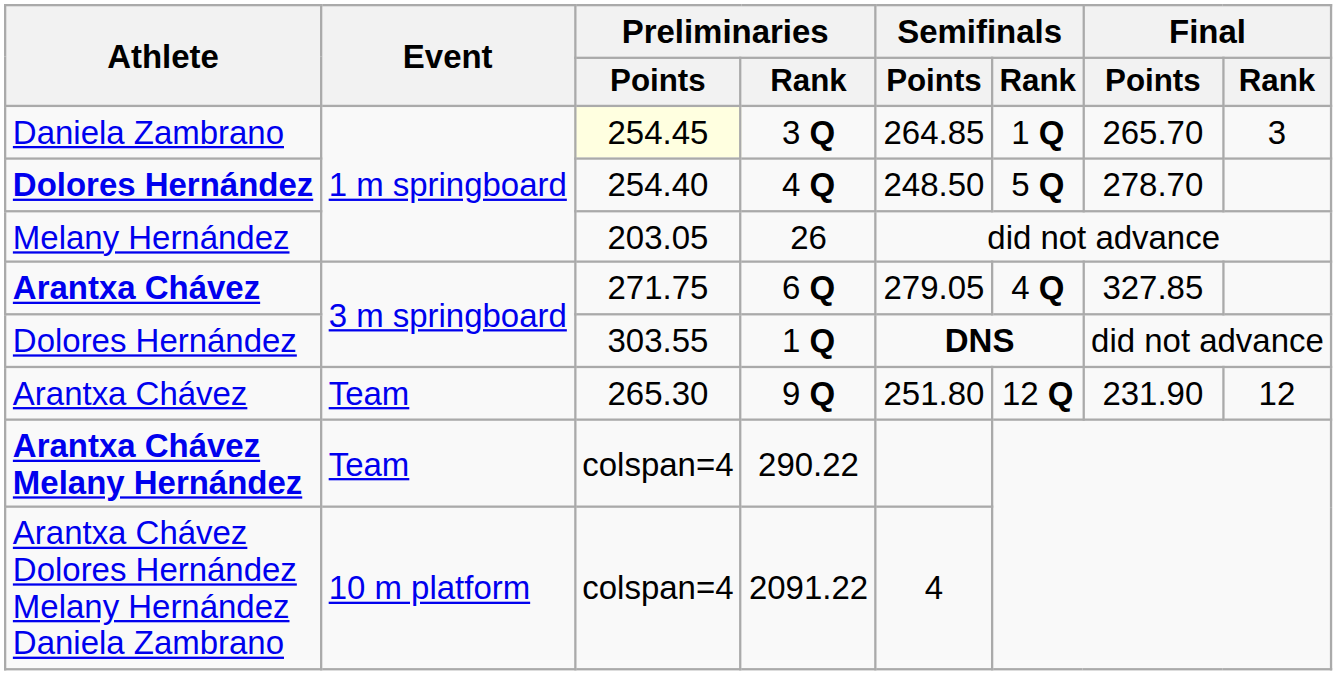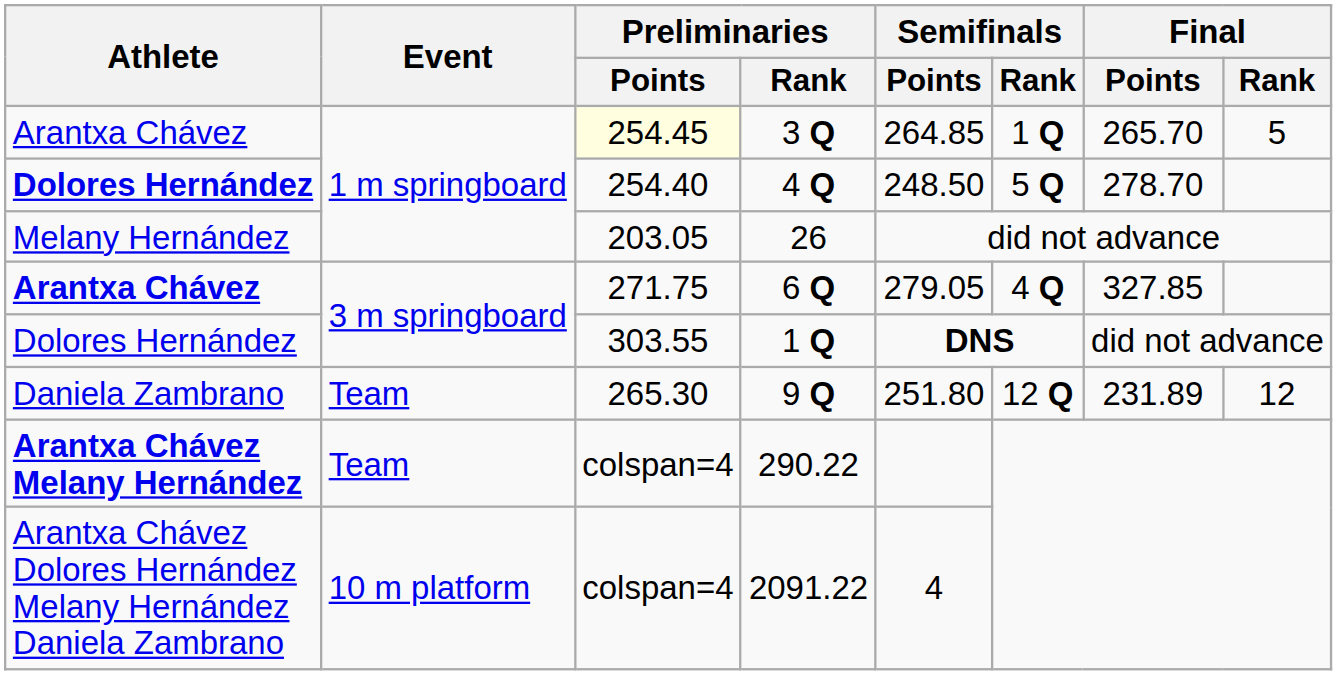 <table class=wikitable style="font-size:90%;">
 <tr>
 <th rowspan="2">Athlete</th>
 <th rowspan="2">Event</th>
 <th colspan="2">Preliminaries</th>
 <th colspan="2">Semifinals</th>
 <th colspan="2">Final</th>
 </tr>
 <tr style="font-size:95%">
 <th>Points</th>
 <th>Rank</th>
 <th>Points</th>
 <th>Rank</th>
 <th>Points</th>
 <th>Rank</th>
 </tr>
 <tr align=center>
-<td align=left><a href='#'>Daniela Zambrano</a></td>
+<td align=left><a href='#'>Arantxa Chávez</a></td>
 <td align=left rowspan=3><a href='#'>1 m springboard</a></td>
 <td style="background: lightyellow;">254.45</td>
 <td>3 <strong>Q</strong></td>
 <td>264.85</td>
 <td>1 <strong>Q</strong></td>
 <td>265.70</td>
-<td>3</td>
+<td>5</td>
 </tr>
 <tr align=center>
 <td align=left><strong><a href='#'>Dolores Hernández</a></strong></td>
 <td>254.40</td>
 <td>4 <strong>Q</strong></td>
 <td>248.50</td>
 <td>5 <strong>Q</strong></td>
 <td>278.70</td>
 <td></td>
 </tr>
 <tr align=center>
 <td align=left><a href='#'>Melany Hernández</a></td>
 <td>203.05</td>
 <td>26</td>
 <td colspan=4>did not advance</td>
 </tr>
 <tr align=center>
 <td align=left><strong><a href='#'>Arantxa Chávez</a></strong></td>
 <td align=left rowspan=2><a href='#'>3 m springboard</a></td>
 <td>271.75</td>
 <td>6 <strong>Q</strong></td>
 <td>279.05</td>
 <td>4 <strong>Q</strong></td>
 <td>327.85</td>
 <td></td>
 </tr>
 <tr align=center>
 <td align=left><a href='#'>Dolores Hernández</a></td>
 <td>303.55</td>
 <td>1 <strong>Q</strong></td>
 <td colspan=2><strong>DNS</strong></td>
 <td colspan=2>did not advance</td>
 </tr>
 <tr align=center>
-<td align=left><a href='#'>Arantxa Chávez</a></td>
+<td align=left><a href='#'>Daniela Zambrano</a></td>
 <td align=left><a href='#'>Team</a></td>
 <td>265.30</td>
 <td>9 <strong>Q</strong></td>
 <td>251.80</td>
 <td>12 <strong>Q</strong></td>
-<td>231.90</td>
+<td>231.89</td>
 <td>12</td>
 </tr>
 <tr align=center>
 <td align=left><strong><a href='#'>Arantxa Chávez</a><br><a href='#'>Melany Hernández</a></strong></td>
 <td align=left><a href='#'>Team</a></td>
 <td>colspan=4 </td>
 <td>290.22</td>
 <td></td>
 </tr>
 <tr align=center>
 <td align=left><a href='#'>Arantxa Chávez</a><br><a href='#'>Dolores Hernández</a><br><a href='#'>Melany Hernández</a><br><a href='#'>Daniela Zambrano</a></td>
 <td align=left><a href='#'>10 m platform</a></td>
 <td>colspan=4 </td>
 <td>2091.22</td>
 <td>4</td>
 </tr>
 </table>
